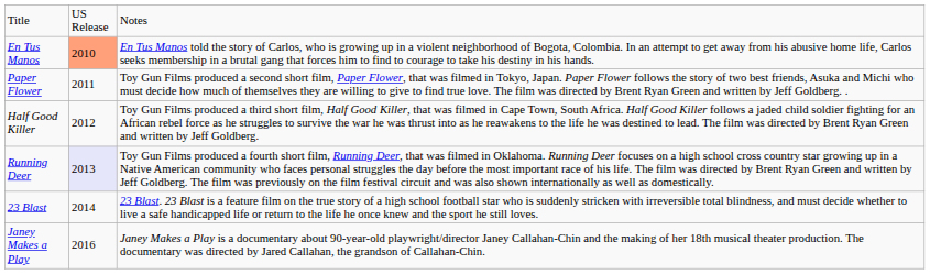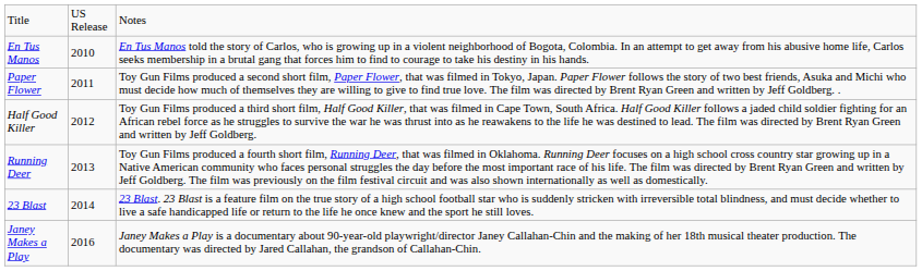 <table class="wikitable sortable">
 <tr>
 <td>Title</td>
 <td>US Release <br></td>
 <td>Notes <br></td>
 </tr>
 <tr>
 <td><em><a href='#'>En Tus Manos</a></em></td>
-<td style="background: lightsalmon;">2010</td>
+<td>2010</td>
 <td><em><a href='#'>En Tus Manos</a></em> told the story of Carlos, who is growing up in a violent neighborhood of Bogota, Colombia. In an attempt to get away from his abusive home life, Carlos seeks membership in a brutal gang that forces him to find to courage to take his destiny in his hands.</td>
 </tr>
 <tr>
 <td><em><a href='#'>Paper Flower</a></em></td>
 <td>2011</td>
 <td>Toy Gun Films produced a second short film, <em><a href='#'>Paper Flower</a></em>, that was filmed in Tokyo, Japan. <em>Paper Flower</em> follows the story of two best friends, Asuka and Michi who must decide how much of themselves they are willing to give to find true love. The film was directed by Brent Ryan Green and written by Jeff Goldberg. .</td>
 </tr>
 <tr>
 <td><em>Half Good Killer</em></td>
 <td>2012</td>
 <td>Toy Gun Films produced a third short film, <em>Half Good Killer</em>, that was filmed in Cape Town, South Africa. <em>Half Good Killer</em> follows a jaded child soldier fighting for an African rebel force as he struggles to survive the war he was thrust into as he reawakens to the life he was destined to lead. The film was directed by Brent Ryan Green and written by Jeff Goldberg. </td>
 </tr>
 <tr>
 <td><em><a href='#'>Running Deer</a></em></td>
-<td style="background: lavender;">2013</td>
+<td>2013</td>
 <td>Toy Gun Films produced a fourth short film, <em><a href='#'>Running Deer</a></em>, that was filmed in Oklahoma. <em>Running Deer</em> focuses on a high school cross country star growing up in a Native American community who faces personal struggles the day before the most important race of his life. The film was directed by Brent Ryan Green and written by Jeff Goldberg. The film was previously on the film festival circuit and was also shown internationally as well as domestically.</td>
 </tr>
 <tr>
 <td><em><a href='#'>23 Blast</a></em></td>
 <td>2014</td>
 <td><em><a href='#'>23 Blast</a></em>. <em>23 Blast</em> is a feature film on the true story of a high school football star who is suddenly stricken with irreversible total blindness, and must decide whether to live a safe handicapped life or return to the life he once knew and the sport he still loves.</td>
 </tr>
 <tr>
 <td><em><a href='#'>Janey Makes a Play</a></em></td>
 <td>2016</td>
 <td><em>Janey Makes a Play</em> is a documentary about 90-year-old playwright/director Janey Callahan-Chin and the making of her 18th musical theater production.  The documentary was directed by Jared Callahan, the grandson of Callahan-Chin.</td>
 </tr>
 </table>
